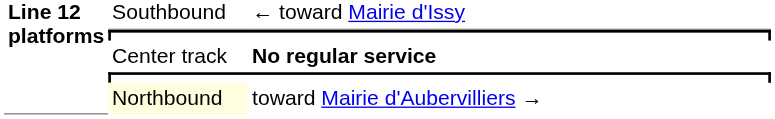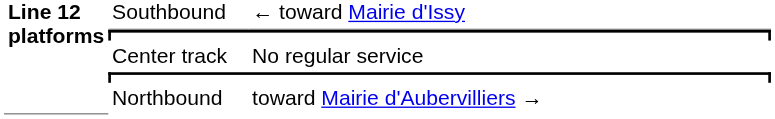 <table border=0 cellspacing=0 cellpadding=3>
 <tr>
 <td style="border-bottom:solid 1px gray;" width=50 rowspan=10 valign=top><strong>Line 12 platforms</strong></td>
 <td style="border-bottom:solid 1px gray;" width=100>Southbound</td>
 <td style="border-bottom:solid 1px gray;" width=390>←   toward <a href='#'>Mairie d'Issy</a> </td>
 </tr>
 <tr>
 <td style="border-top:solid 2px black;border-right:solid 2px black;border-left:solid 2px black;border-bottom:solid 2px black gray;text-align:center;" colspan=2></td>
 </tr>
 <tr>
 <td>Center track</td>
-<td><strong>No regular service</strong></td>
+<td>No regular service</td>
 </tr>
 <tr>
 <td style="border-top:solid 2px black;border-right:solid 2px black;border-left:solid 2px black;border-bottom:solid 2px black gray;text-align:center;" colspan=2></td>
 </tr>
 <tr>
-<td style="background: lightyellow;">Northbound</td>
+<td>Northbound</td>
 <td>   toward <a href='#'>Mairie d'Aubervilliers</a>  →</td>
 </tr>
 </table>
